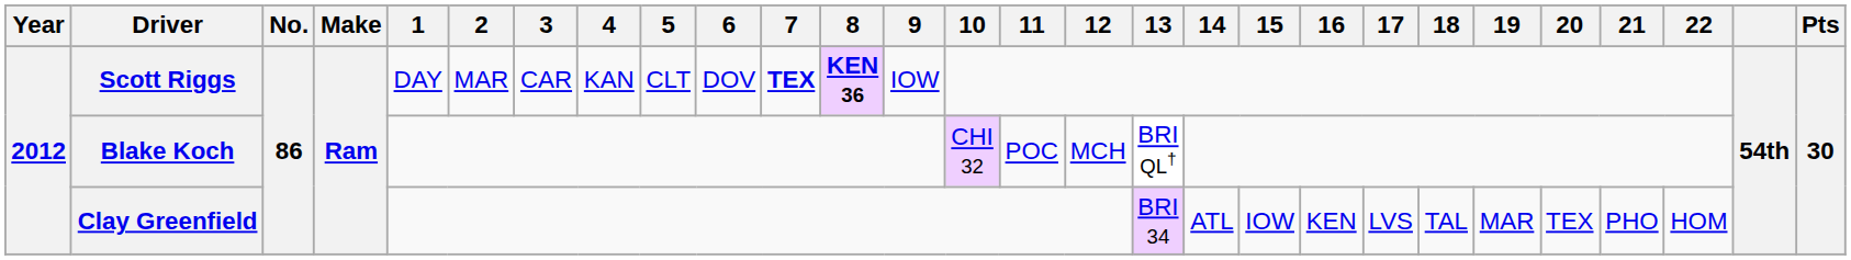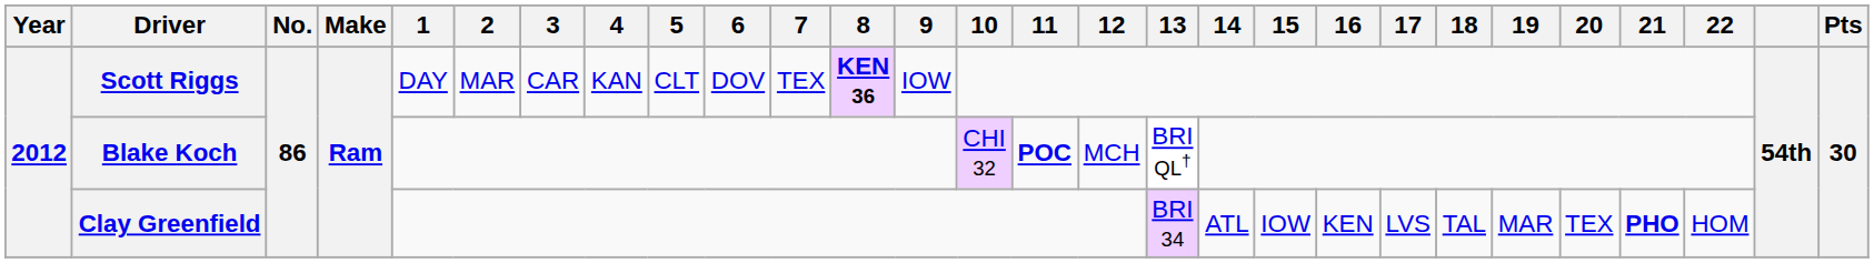 <table class="wikitable" style="text-align:center; font-size:75%">
 <tr>
 <th>Year</th>
 <th>Driver</th>
 <th>No.</th>
 <th>Make</th>
 <th>1</th>
 <th>2</th>
 <th>3</th>
 <th>4</th>
 <th>5</th>
 <th>6</th>
 <th>7</th>
 <th>8</th>
 <th>9</th>
 <th>10</th>
 <th>11</th>
 <th>12</th>
 <th>13</th>
 <th>14</th>
 <th>15</th>
 <th>16</th>
 <th>17</th>
 <th>18</th>
 <th>19</th>
 <th>20</th>
 <th>21</th>
 <th>22</th>
 <th></th>
 <th>Pts</th>
 </tr>
 <tr>
 <th rowspan=3><a href='#'>2012</a></th>
 <th><a href='#'>Scott Riggs</a></th>
 <th rowspan=3>86</th>
 <th rowspan=3><a href='#'>Ram</a></th>
 <td><a href='#'>DAY</a></td>
 <td><a href='#'>MAR</a></td>
 <td><a href='#'>CAR</a></td>
 <td><a href='#'>KAN</a></td>
 <td><a href='#'>CLT</a></td>
 <td><a href='#'>DOV</a></td>
-<td><strong><a href='#'>TEX</a></strong></td>
+<td><a href='#'>TEX</a></td>
 <td style="background:#EFCFFF;"><strong><a href='#'>KEN</a><br><small>36</small></strong></td>
 <td><a href='#'>IOW</a></td>
 <td colspan=13></td>
 <th rowspan=3>54th</th>
 <th rowspan=3>30</th>
 </tr>
 <tr>
 <th><a href='#'>Blake Koch</a></th>
 <td colspan=9></td>
 <td style="background:#EFCFFF;"><a href='#'>CHI</a><br><small>32</small></td>
-<td><a href='#'>POC</a></td>
+<td><strong><a href='#'>POC</a></strong></td>
 <td><a href='#'>MCH</a></td>
 <td style="background:#ffffff;"><a href='#'>BRI</a><br><small>QL<sup>†</sup></small></td>
 <td colspan=9></td>
 </tr>
 <tr>
 <th><a href='#'>Clay Greenfield</a></th>
 <td colspan=12></td>
 <td style="background:#EFCFFF;"><a href='#'>BRI</a><br><small>34</small></td>
 <td><a href='#'>ATL</a></td>
 <td><a href='#'>IOW</a></td>
 <td><a href='#'>KEN</a></td>
 <td><a href='#'>LVS</a></td>
 <td><a href='#'>TAL</a></td>
 <td><a href='#'>MAR</a></td>
 <td><a href='#'>TEX</a></td>
-<td><a href='#'>PHO</a></td>
+<td><strong><a href='#'>PHO</a></strong></td>
 <td><a href='#'>HOM</a></td>
 </tr>
 </table>
